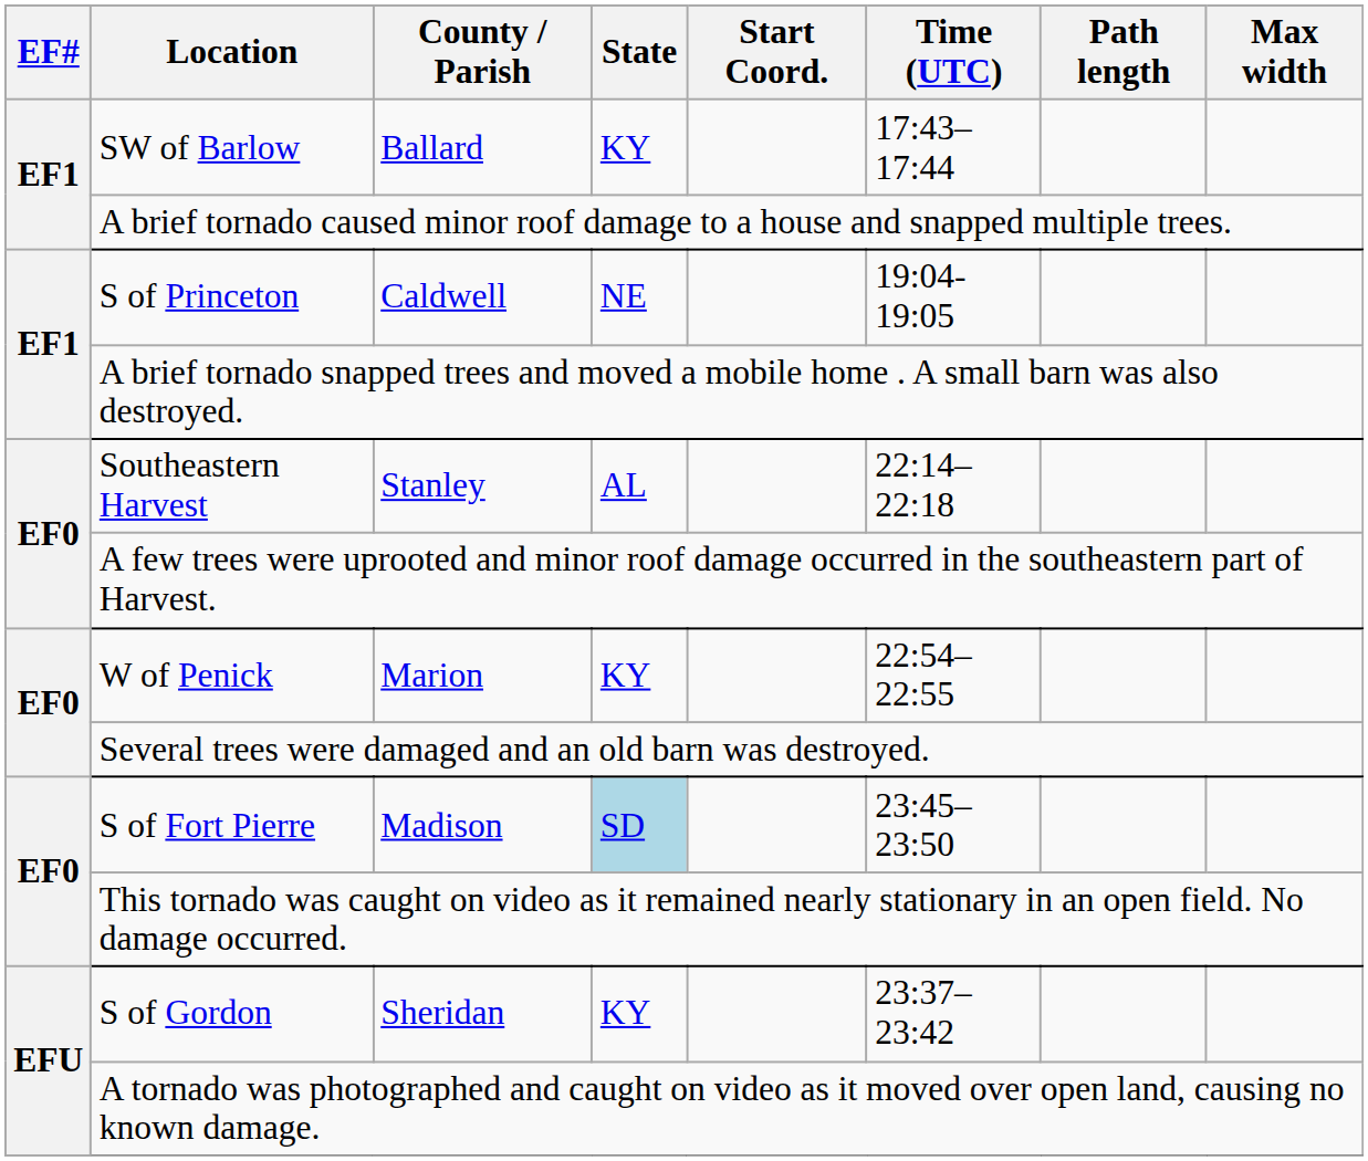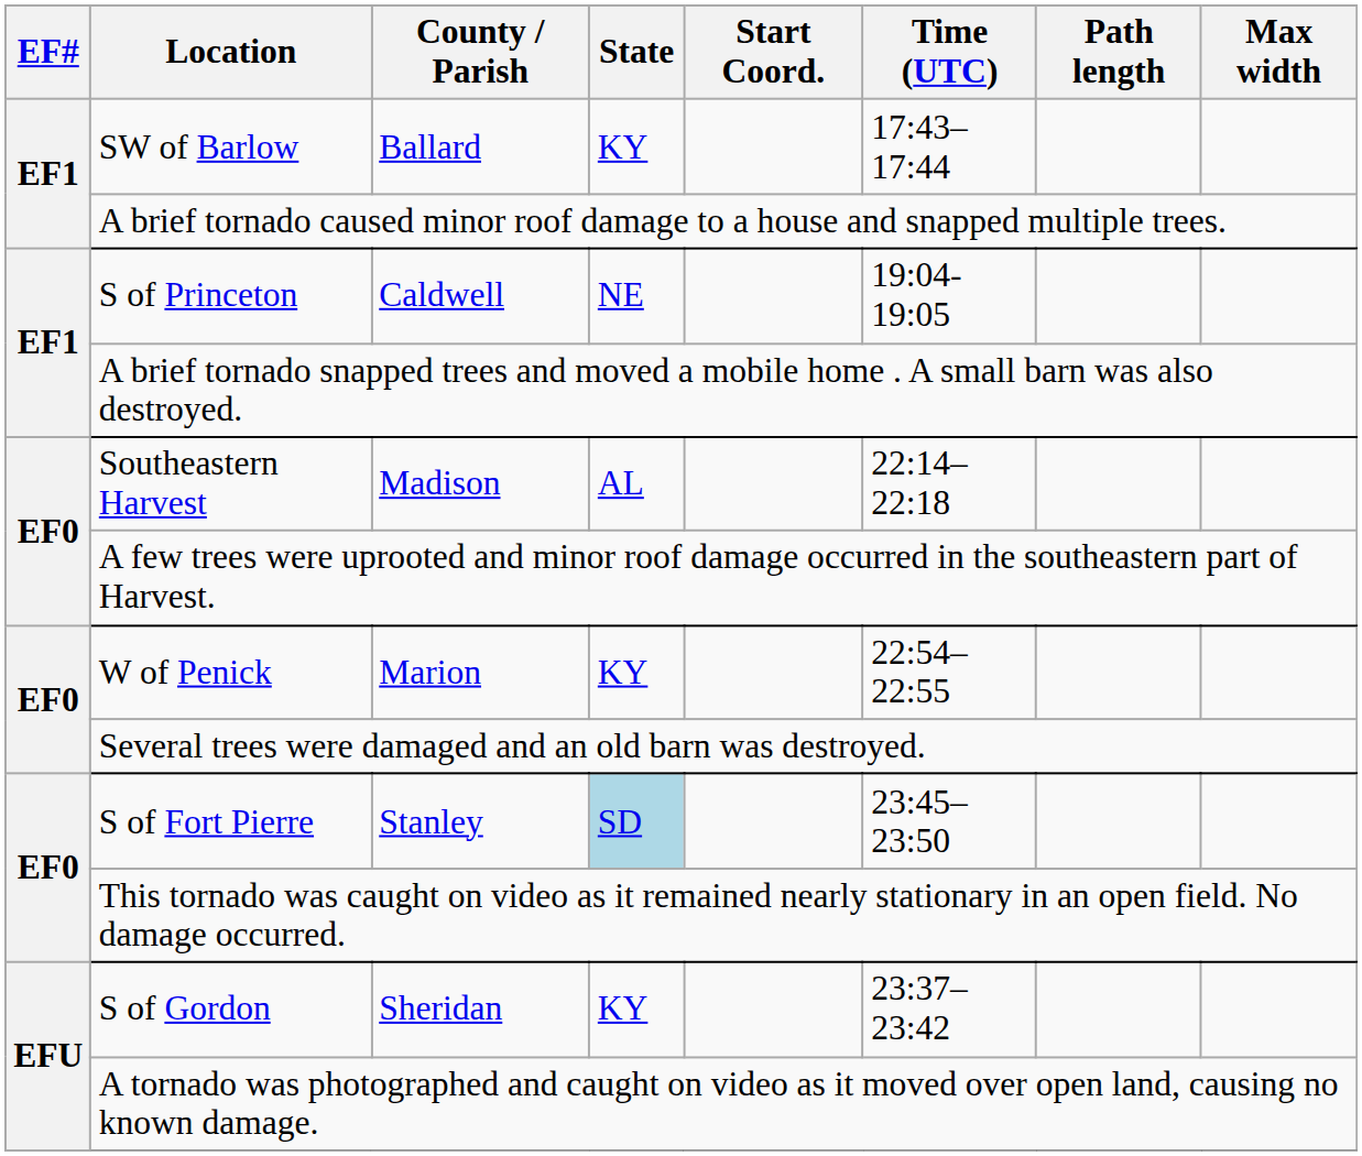 <table class="wikitable sortable" style="width:100%;">
 <tr>
 <th scope="col" width="2%" align="center"><a href='#'>EF#</a></th>
 <th scope="col" align="center" class="unsortable">Location</th>
 <th scope="col" align="center" class="unsortable">County / Parish</th>
 <th scope="col" align="center">State</th>
 <th scope="col" align="center">Start Coord.</th>
 <th scope="col" align="center">Time (<a href='#'>UTC</a>)</th>
 <th scope="col" align="center">Path length</th>
 <th scope="col" align="center">Max width</th>
 </tr>
 <tr>
 <th scope="row" rowspan="2" style="background-color:#">EF1</th>
 <td>SW of <a href='#'>Barlow</a></td>
 <td><a href='#'>Ballard</a></td>
 <td><a href='#'>KY</a></td>
 <td></td>
 <td>17:43–17:44</td>
 <td></td>
 <td></td>
 </tr>
 <tr class="expand-child">
 <td colspan="8" style=" border-bottom: 1px solid black;">A brief tornado caused minor roof damage to a house and snapped multiple trees.</td>
 </tr>
 <tr>
 <th scope="row" rowspan="2" style="background-color:#">EF1</th>
 <td>S of <a href='#'>Princeton</a></td>
 <td><a href='#'>Caldwell</a></td>
 <td><a href='#'>NE</a></td>
 <td></td>
 <td>19:04-19:05</td>
 <td></td>
 <td></td>
 </tr>
 <tr class="expand-child">
 <td colspan="8" style=" border-bottom: 1px solid black;">A brief tornado snapped trees and moved a mobile home . A small barn was also destroyed.</td>
 </tr>
 <tr>
 <th scope="row" rowspan="2" style="background-color:#">EF0</th>
 <td>Southeastern <a href='#'>Harvest</a></td>
-<td><a href='#'>Stanley</a></td>
+<td><a href='#'>Madison</a></td>
 <td><a href='#'>AL</a></td>
 <td></td>
 <td>22:14–22:18</td>
 <td></td>
 <td></td>
 </tr>
 <tr class="expand-child">
 <td colspan="8" style=" border-bottom: 1px solid black;">A few trees were uprooted and minor roof damage occurred in the southeastern part of Harvest.</td>
 </tr>
 <tr>
 <th scope="row" rowspan="2" style="background-color:#">EF0</th>
 <td>W of <a href='#'>Penick</a></td>
 <td><a href='#'>Marion</a></td>
 <td><a href='#'>KY</a></td>
 <td></td>
 <td>22:54–22:55</td>
 <td></td>
 <td></td>
 </tr>
 <tr class="expand-child">
 <td colspan="8" style=" border-bottom: 1px solid black;">Several trees were damaged and an old barn was destroyed.</td>
 </tr>
 <tr>
 <th scope="row" rowspan="2" style="background-color:#">EF0</th>
 <td>S of <a href='#'>Fort Pierre</a></td>
-<td><a href='#'>Madison</a></td>
+<td><a href='#'>Stanley</a></td>
 <td style="background: lightblue;"><a href='#'>SD</a></td>
 <td></td>
 <td>23:45–23:50</td>
 <td></td>
 <td></td>
 </tr>
 <tr class="expand-child">
 <td colspan="8" style=" border-bottom: 1px solid black;">This tornado was caught on video as it remained nearly stationary in an open field. No damage occurred.</td>
 </tr>
 <tr>
 <th scope="row" rowspan="2" style="background-color:#">EFU</th>
 <td>S of <a href='#'>Gordon</a></td>
 <td><a href='#'>Sheridan</a></td>
 <td><a href='#'>KY</a></td>
 <td></td>
 <td>23:37–23:42</td>
 <td></td>
 <td></td>
 </tr>
 <tr class="expand-child">
 <td colspan="8" style=" border-bottom: 1px solid black;">A tornado was photographed and caught on video as it moved over open land, causing no known damage.</td>
 </tr>
 <tr>
 </tr>
 </table>
